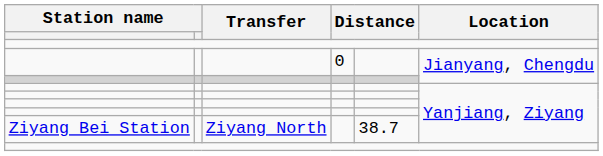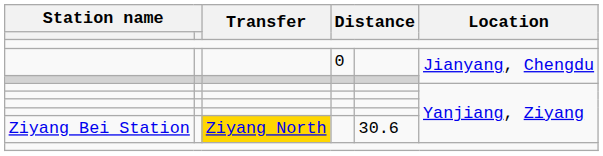 <table class="wikitable">
 <tr>
 <th colspan="2">Station name</th>
 <th rowspan=2>Transfer</th>
 <th colspan="2" rowspan="2">Distance<br></th>
 <th rowspan=2>Location</th>
 </tr>
 <tr>
 <th></th>
 <th></th>
 </tr>
 <tr style="background:#">
 <td colspan="7"></td>
 </tr>
 <tr>
 <td></td>
 <td></td>
 <td></td>
 <td>0</td>
 <td></td>
 <td rowspan="2"><a href='#'>Jianyang</a>, <a href='#'>Chengdu</a></td>
 </tr>
 <tr bgcolor="lightgrey">
 <td><em></em></td>
 <td></td>
 <td></td>
 <td></td>
 <td></td>
 </tr>
 <tr>
 <td></td>
 <td></td>
 <td></td>
 <td></td>
 <td></td>
 <td rowspan="5"><a href='#'>Yanjiang</a>, <a href='#'>Ziyang</a></td>
 </tr>
 <tr>
 <td></td>
 <td></td>
 <td></td>
 <td></td>
 <td></td>
 </tr>
 <tr>
 <td></td>
 <td></td>
 <td></td>
 <td></td>
 <td></td>
 </tr>
 <tr>
 <td></td>
 <td></td>
 <td></td>
 <td></td>
 <td></td>
 </tr>
 <tr>
 <td><a href='#'>Ziyang Bei Station</a></td>
 <td></td>
-<td> <a href='#'>Ziyang North</a></td>
+<td style="background: gold;"> <a href='#'>Ziyang North</a></td>
 <td></td>
-<td>38.7</td>
+<td>30.6</td>
 </tr>
 <tr style="background:#">
 <td colspan="7"></td>
 </tr>
 </table>
